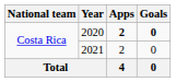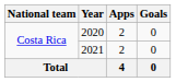 <table class="wikitable" style="text-align:center">
 <tr>
 <th>National team</th>
 <th>Year</th>
 <th>Apps</th>
 <th>Goals</th>
 </tr>
 <tr>
 <td rowspan=2><a href='#'>Costa Rica</a></td>
 <td>2020</td>
-<td><strong>2</strong></td>
-<td><strong>0</strong></td>
+<td>2</td>
+<td>0</td>
 </tr>
 <tr>
 <td>2021</td>
 <td>2</td>
 <td>0</td>
 </tr>
 <tr>
 <th colspan=2>Total</th>
 <th>4</th>
 <th>0</th>
 </tr>
 </table>
